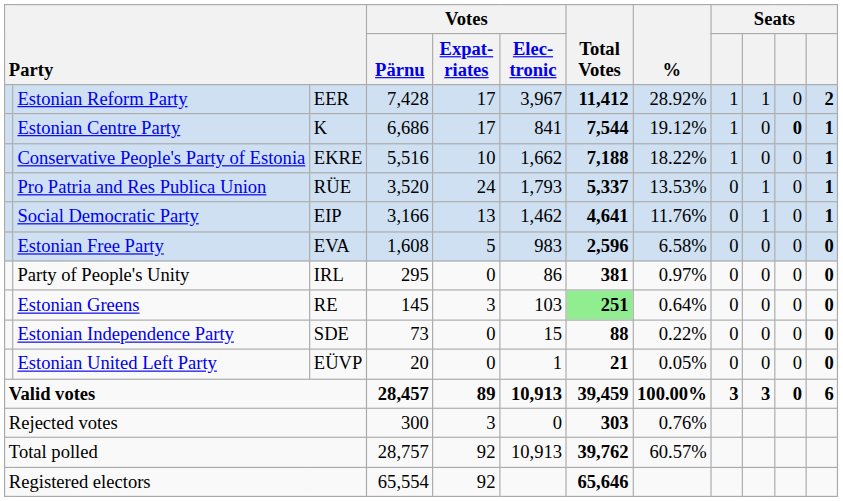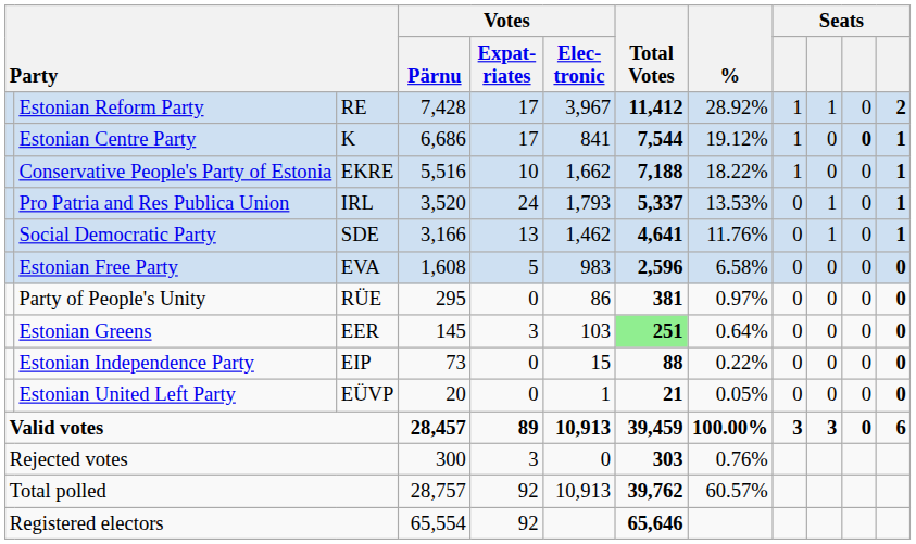 <table class="wikitable" border="1" style="text-align:right;">
 <tr>
 <th style="text-align:left;" valign=bottom rowspan=2 colspan=3>Party</th>
 <th colspan=3>Votes</th>
 <th align=center valign=bottom rowspan=2 width="50">Total Votes</th>
 <th align=center valign=bottom rowspan=2 width="50">%</th>
 <th colspan=4>Seats</th>
 </tr>
 <tr>
 <th align=center valign=bottom width="50"><a href='#'>Pärnu</a></th>
 <th align=center valign=bottom width="50"><a href='#'>Expat- riates</a></th>
 <th align=center valign=bottom width="50"><a href='#'>Elec- tronic</a></th>
 <th align=center valign=bottom width="20"><small></small></th>
 <th align=center valign=bottom width="20"><small></small></th>
 <th align=center valign=bottom width="20"><small></small></th>
 <th align=center valign=bottom width="20"><small></small></th>
 </tr>
 <tr style="background:#CEE0F2;">
 <td style="background:"></td>
 <td align=left><a href='#'>Estonian Reform Party</a></td>
-<td align=left>EER</td>
+<td align=left>RE</td>
 <td>7,428</td>
 <td>17</td>
 <td>3,967</td>
 <td><strong>11,412</strong></td>
 <td>28.92%</td>
 <td>1</td>
 <td>1</td>
 <td>0</td>
 <td><strong>2</strong></td>
 </tr>
 <tr style="background:#CEE0F2;">
 <td style="background:"></td>
 <td align=left><a href='#'>Estonian Centre Party</a></td>
 <td align=left>K</td>
 <td>6,686</td>
 <td>17</td>
 <td>841</td>
 <td><strong>7,544</strong></td>
 <td>19.12%</td>
 <td>1</td>
 <td>0</td>
 <td><strong>0</strong></td>
 <td><strong>1</strong></td>
 </tr>
 <tr style="background:#CEE0F2;">
 <td style="background:"></td>
 <td align=left><a href='#'>Conservative People's Party of Estonia</a></td>
 <td align=left>EKRE</td>
 <td>5,516</td>
 <td>10</td>
 <td>1,662</td>
 <td><strong>7,188</strong></td>
 <td>18.22%</td>
 <td>1</td>
 <td>0</td>
 <td>0</td>
 <td><strong>1</strong></td>
 </tr>
 <tr style="background:#CEE0F2;">
 <td style="background:"></td>
 <td align=left><a href='#'>Pro Patria and Res Publica Union</a></td>
-<td align=left>RÜE</td>
+<td align=left>IRL</td>
 <td>3,520</td>
 <td>24</td>
 <td>1,793</td>
 <td><strong>5,337</strong></td>
 <td>13.53%</td>
 <td>0</td>
 <td>1</td>
 <td>0</td>
 <td><strong>1</strong></td>
 </tr>
 <tr style="background:#CEE0F2;">
 <td style="background:"></td>
 <td align=left><a href='#'>Social Democratic Party</a></td>
-<td align=left>EIP</td>
+<td align=left>SDE</td>
 <td>3,166</td>
 <td>13</td>
 <td>1,462</td>
 <td><strong>4,641</strong></td>
 <td>11.76%</td>
 <td>0</td>
 <td>1</td>
 <td>0</td>
 <td><strong>1</strong></td>
 </tr>
 <tr style="background:#CEE0F2;">
 <td style="background:"></td>
 <td align=left><a href='#'>Estonian Free Party</a></td>
 <td align=left>EVA</td>
 <td>1,608</td>
 <td>5</td>
 <td>983</td>
 <td><strong>2,596</strong></td>
 <td>6.58%</td>
 <td>0</td>
 <td>0</td>
 <td>0</td>
 <td><strong>0</strong></td>
 </tr>
 <tr>
 <td></td>
 <td align=left>Party of People's Unity</td>
-<td align=left>IRL</td>
+<td align=left>RÜE</td>
 <td>295</td>
 <td>0</td>
 <td>86</td>
 <td><strong>381</strong></td>
 <td>0.97%</td>
 <td>0</td>
 <td>0</td>
 <td>0</td>
 <td><strong>0</strong></td>
 </tr>
 <tr>
 <td style="background:"></td>
 <td align=left><a href='#'>Estonian Greens</a></td>
-<td align=left>RE</td>
+<td align=left>EER</td>
 <td>145</td>
 <td>3</td>
 <td>103</td>
 <td style="background: lightgreen;"><strong>251</strong></td>
 <td>0.64%</td>
 <td>0</td>
 <td>0</td>
 <td>0</td>
 <td><strong>0</strong></td>
 </tr>
 <tr>
 <td style="background:"></td>
 <td align=left><a href='#'>Estonian Independence Party</a></td>
-<td align=left>SDE</td>
+<td align=left>EIP</td>
 <td>73</td>
 <td>0</td>
 <td>15</td>
 <td><strong>88</strong></td>
 <td>0.22%</td>
 <td>0</td>
 <td>0</td>
 <td>0</td>
 <td><strong>0</strong></td>
 </tr>
 <tr>
 <td style="background:"></td>
 <td align=left><a href='#'>Estonian United Left Party</a></td>
 <td align=left>EÜVP</td>
 <td>20</td>
 <td>0</td>
 <td>1</td>
 <td><strong>21</strong></td>
 <td>0.05%</td>
 <td>0</td>
 <td>0</td>
 <td>0</td>
 <td><strong>0</strong></td>
 </tr>
 <tr style="font-weight:bold">
 <td align=left colspan=3>Valid votes</td>
 <td>28,457</td>
 <td>89</td>
 <td>10,913</td>
 <td>39,459</td>
 <td>100.00%</td>
 <td>3</td>
 <td>3</td>
 <td>0</td>
 <td>6</td>
 </tr>
 <tr>
 <td align=left colspan=3>Rejected votes</td>
 <td>300</td>
 <td>3</td>
 <td>0</td>
 <td><strong>303</strong></td>
 <td>0.76%</td>
 <td></td>
 <td></td>
 <td></td>
 <td></td>
 </tr>
 <tr>
 <td align=left colspan=3>Total polled</td>
 <td>28,757</td>
 <td>92</td>
 <td>10,913</td>
 <td><strong>39,762</strong></td>
 <td>60.57%</td>
 <td></td>
 <td></td>
 <td></td>
 <td></td>
 </tr>
 <tr>
 <td align=left colspan=3>Registered electors</td>
 <td>65,554</td>
 <td>92</td>
 <td></td>
 <td><strong>65,646</strong></td>
 <td></td>
 <td></td>
 <td></td>
 <td></td>
 <td></td>
 </tr>
 </table>
